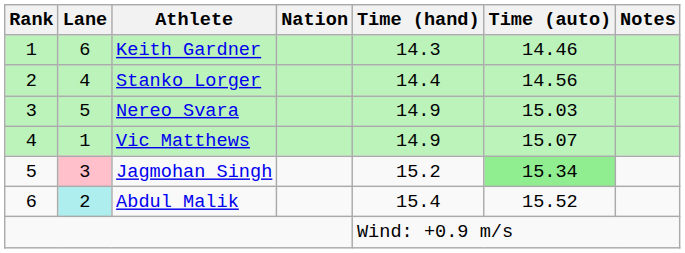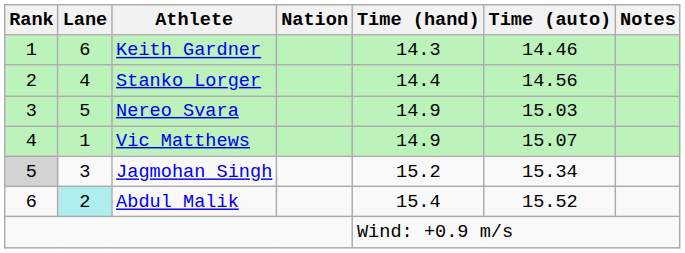 <table class="wikitable sortable" style="text-align:center">
 <tr>
 <th>Rank</th>
 <th>Lane</th>
 <th>Athlete</th>
 <th>Nation</th>
 <th>Time (hand)</th>
 <th>Time (auto)</th>
 <th>Notes</th>
 </tr>
 <tr bgcolor=bbf3bb>
 <td>1</td>
 <td>6</td>
 <td align=left><a href='#'>Keith Gardner</a></td>
 <td align=left></td>
 <td>14.3</td>
 <td>14.46</td>
 <td></td>
 </tr>
 <tr bgcolor=bbf3bb>
 <td>2</td>
 <td>4</td>
 <td align=left><a href='#'>Stanko Lorger</a></td>
 <td align=left></td>
 <td>14.4</td>
 <td>14.56</td>
 <td></td>
 </tr>
 <tr bgcolor=bbf3bb>
 <td>3</td>
 <td>5</td>
 <td align=left><a href='#'>Nereo Svara</a></td>
 <td align=left></td>
 <td>14.9</td>
 <td>15.03</td>
 <td></td>
 </tr>
 <tr bgcolor=bbf3bb>
 <td>4</td>
 <td>1</td>
 <td align=left><a href='#'>Vic Matthews</a></td>
 <td align=left></td>
 <td>14.9</td>
 <td>15.07</td>
 <td></td>
 </tr>
 <tr>
-<td>5</td>
-<td style="background: pink;">3</td>
+<td style="background: lightgrey;">5</td>
+<td>3</td>
 <td align=left><a href='#'>Jagmohan Singh</a></td>
 <td align=left></td>
 <td>15.2</td>
-<td style="background: lightgreen;">15.34</td>
+<td>15.34</td>
 <td></td>
 </tr>
 <tr>
 <td>6</td>
 <td style="background: paleturquoise;">2</td>
 <td align=left><a href='#'>Abdul Malik</a></td>
 <td align=left></td>
 <td>15.4</td>
 <td>15.52</td>
 <td></td>
 </tr>
 <tr class="sortbottom">
 <td colspan=4></td>
 <td colspan="3" style="text-align:left;">Wind: +0.9 m/s</td>
 </tr>
 </table>
